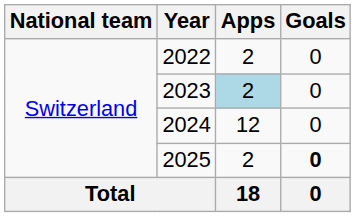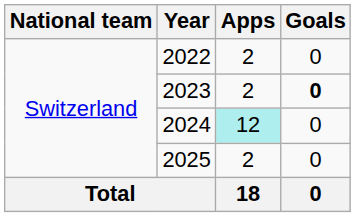 <table class="wikitable" style="text-align:center">
 <tr>
 <th>National team</th>
 <th>Year</th>
 <th>Apps</th>
 <th>Goals</th>
 </tr>
 <tr>
 <td rowspan="4"><a href='#'>Switzerland</a></td>
 <td>2022</td>
 <td>2</td>
 <td>0</td>
 </tr>
 <tr>
 <td>2023</td>
-<td style="background: lightblue;">2</td>
-<td>0</td>
+<td>2</td>
+<td><strong>0</strong></td>
 </tr>
 <tr>
 <td>2024</td>
-<td>12</td>
+<td style="background: paleturquoise;">12</td>
 <td>0</td>
 </tr>
 <tr>
 <td>2025</td>
 <td>2</td>
-<td><strong>0</strong></td>
+<td>0</td>
 </tr>
 <tr>
 <th colspan="2">Total</th>
 <th>18</th>
 <th>0</th>
 </tr>
 </table>
